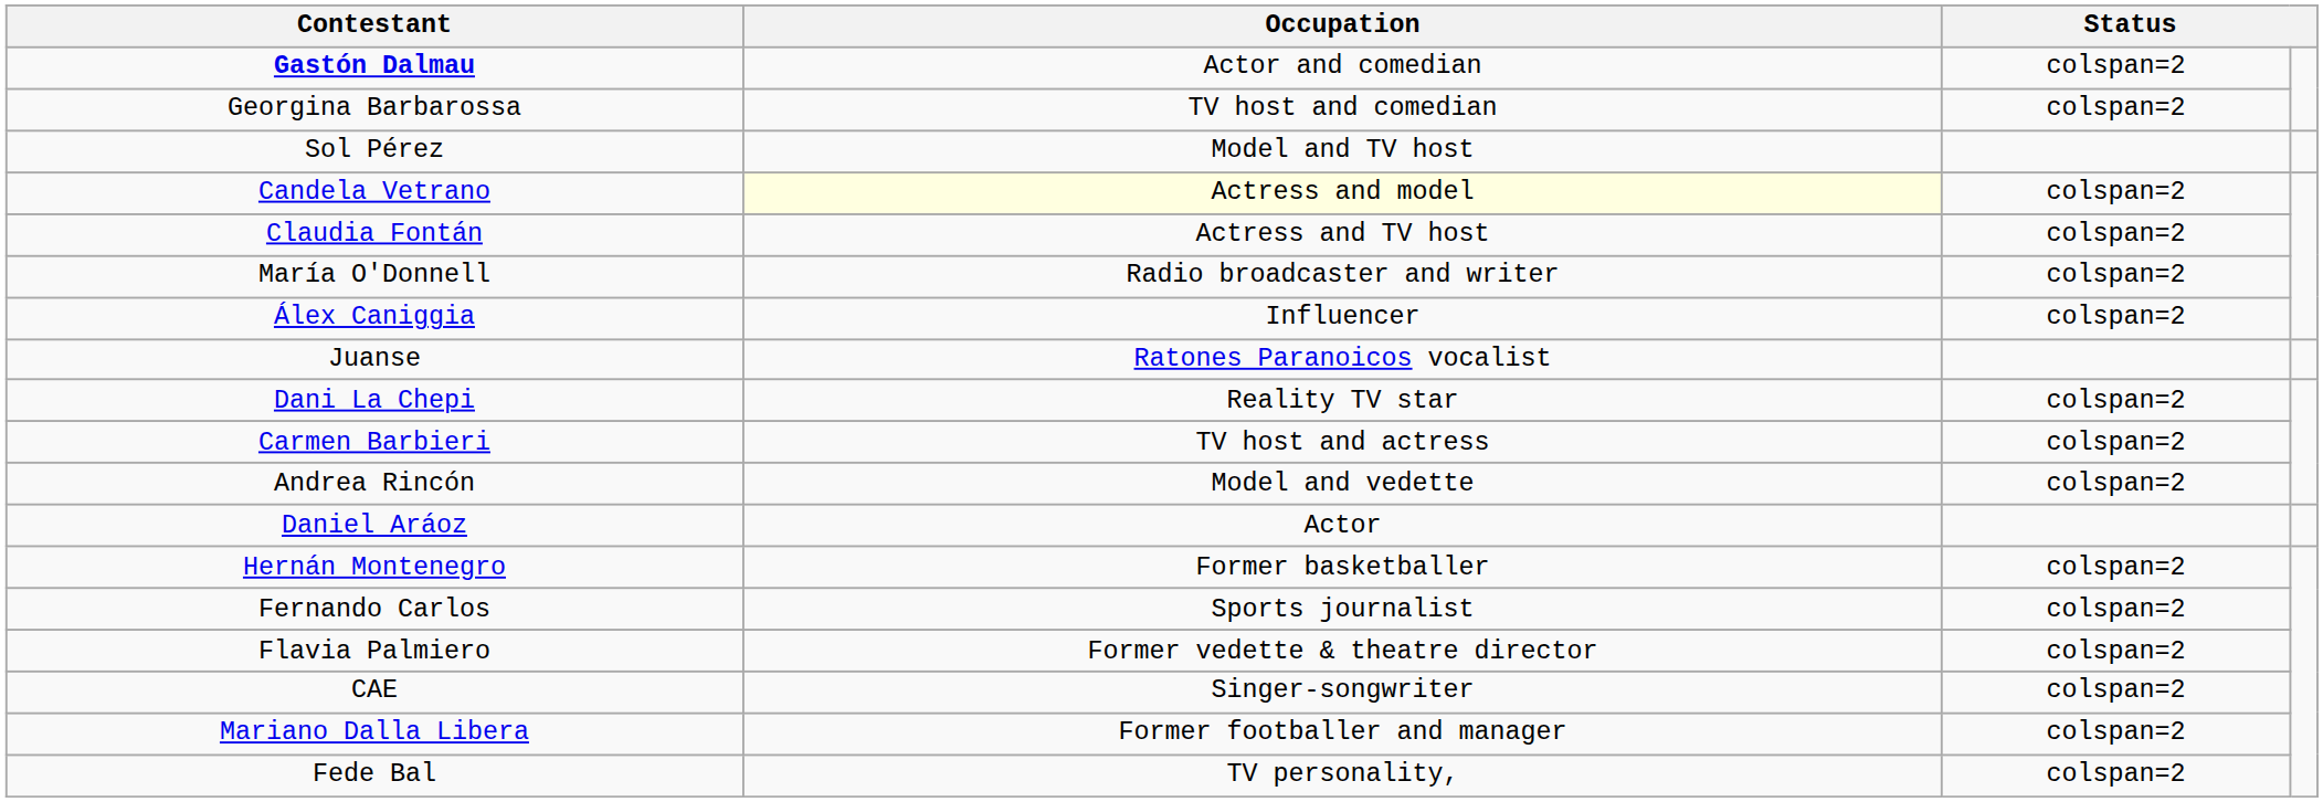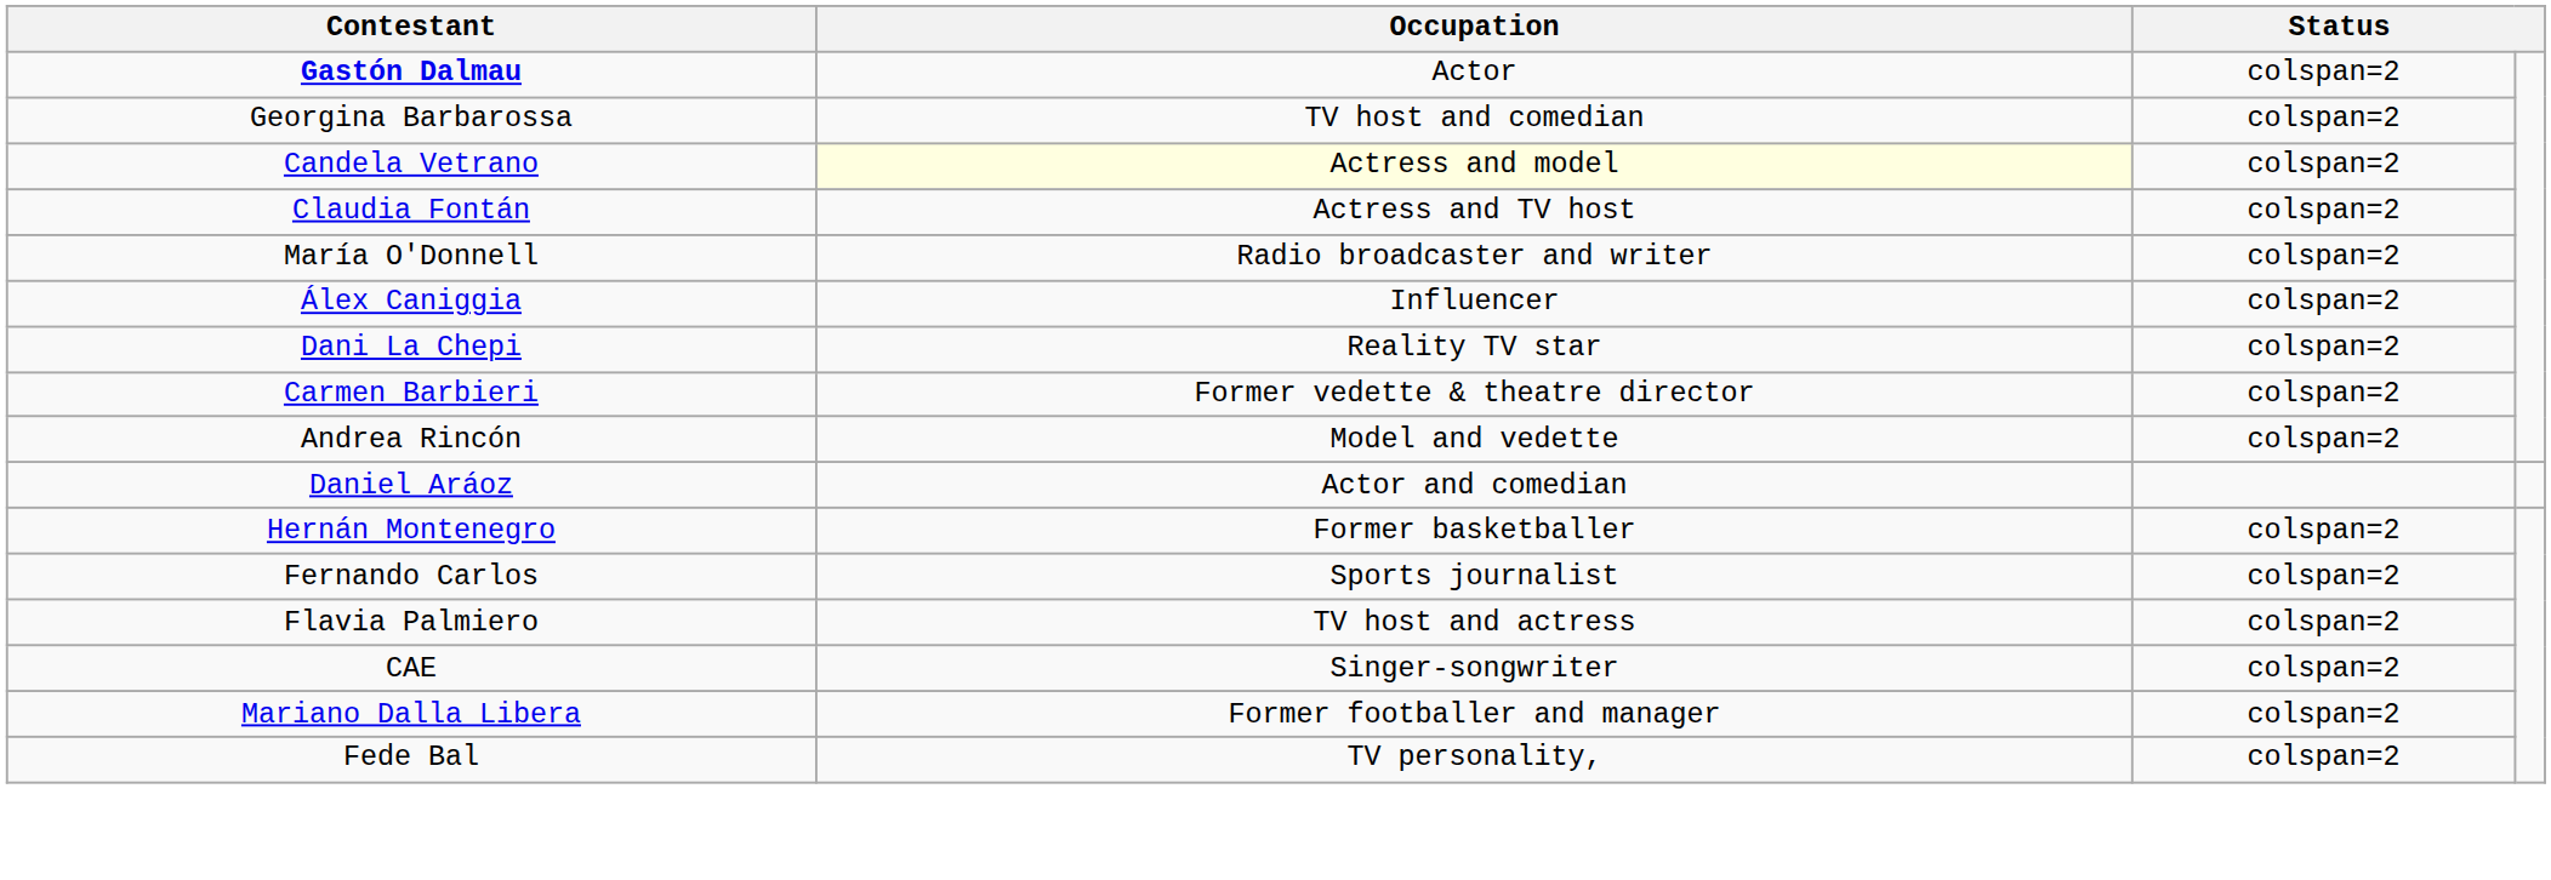 <table class="wikitable" style="margin:auto; text-align:center; width:70%; font-size:95%">
 <tr>
 <th>Contestant</th>
 <th>Occupation</th>
 <th colspan=2>Status</th>
 </tr>
 <tr>
 <td><strong><a href='#'>Gastón Dalmau</a></strong></td>
-<td>Actor and comedian</td>
+<td>Actor</td>
 <td>colspan=2 </td>
 </tr>
 <tr>
 <td>Georgina Barbarossa</td>
 <td>TV host and comedian</td>
 <td>colspan=2 </td>
-</tr>
-<tr>
-<td>Sol Pérez</td>
-<td>Model and TV host</td>
-<td></td>
-<td></td>
 </tr>
 <tr>
 <td><a href='#'>Candela Vetrano</a></td>
 <td style="background: lightyellow;">Actress and model</td>
 <td>colspan=2 </td>
 </tr>
 <tr>
 <td><a href='#'>Claudia Fontán</a></td>
 <td>Actress and TV host</td>
 <td>colspan=2 </td>
 </tr>
 <tr>
 <td>María O'Donnell</td>
 <td>Radio broadcaster and writer</td>
 <td>colspan=2 </td>
 </tr>
 <tr>
 <td><a href='#'>Álex Caniggia</a></td>
 <td>Influencer</td>
 <td>colspan=2 </td>
 </tr>
 <tr>
-<td>Juanse</td>
-<td><a href='#'>Ratones Paranoicos</a> vocalist</td>
-<td></td>
-<td></td>
-</tr>
-<tr>
 <td><a href='#'>Dani La Chepi</a></td>
 <td>Reality TV star</td>
 <td>colspan=2 </td>
 </tr>
 <tr>
 <td><a href='#'>Carmen Barbieri</a></td>
-<td>TV host and actress</td>
+<td>Former vedette & theatre director</td>
 <td>colspan=2 </td>
 </tr>
 <tr>
 <td>Andrea Rincón</td>
 <td>Model and vedette</td>
 <td>colspan=2 </td>
 </tr>
 <tr>
 <td><a href='#'>Daniel Aráoz</a></td>
-<td>Actor</td>
+<td>Actor and comedian</td>
 <td></td>
 <td></td>
 </tr>
 <tr>
 <td><a href='#'>Hernán Montenegro</a></td>
 <td>Former basketballer</td>
 <td>colspan=2 </td>
 </tr>
 <tr>
 <td>Fernando Carlos</td>
 <td>Sports journalist</td>
 <td>colspan=2 </td>
 </tr>
 <tr>
 <td>Flavia Palmiero</td>
-<td>Former vedette & theatre director</td>
+<td>TV host and actress</td>
 <td>colspan=2 </td>
 </tr>
 <tr>
 <td>CAE</td>
 <td>Singer-songwriter</td>
 <td>colspan=2 </td>
 </tr>
 <tr>
 <td><a href='#'>Mariano Dalla Libera</a></td>
 <td>Former footballer and manager</td>
 <td>colspan=2 </td>
 </tr>
 <tr>
 <td>Fede Bal</td>
 <td>TV personality, </td>
 <td>colspan=2 </td>
 </tr>
 </table>
